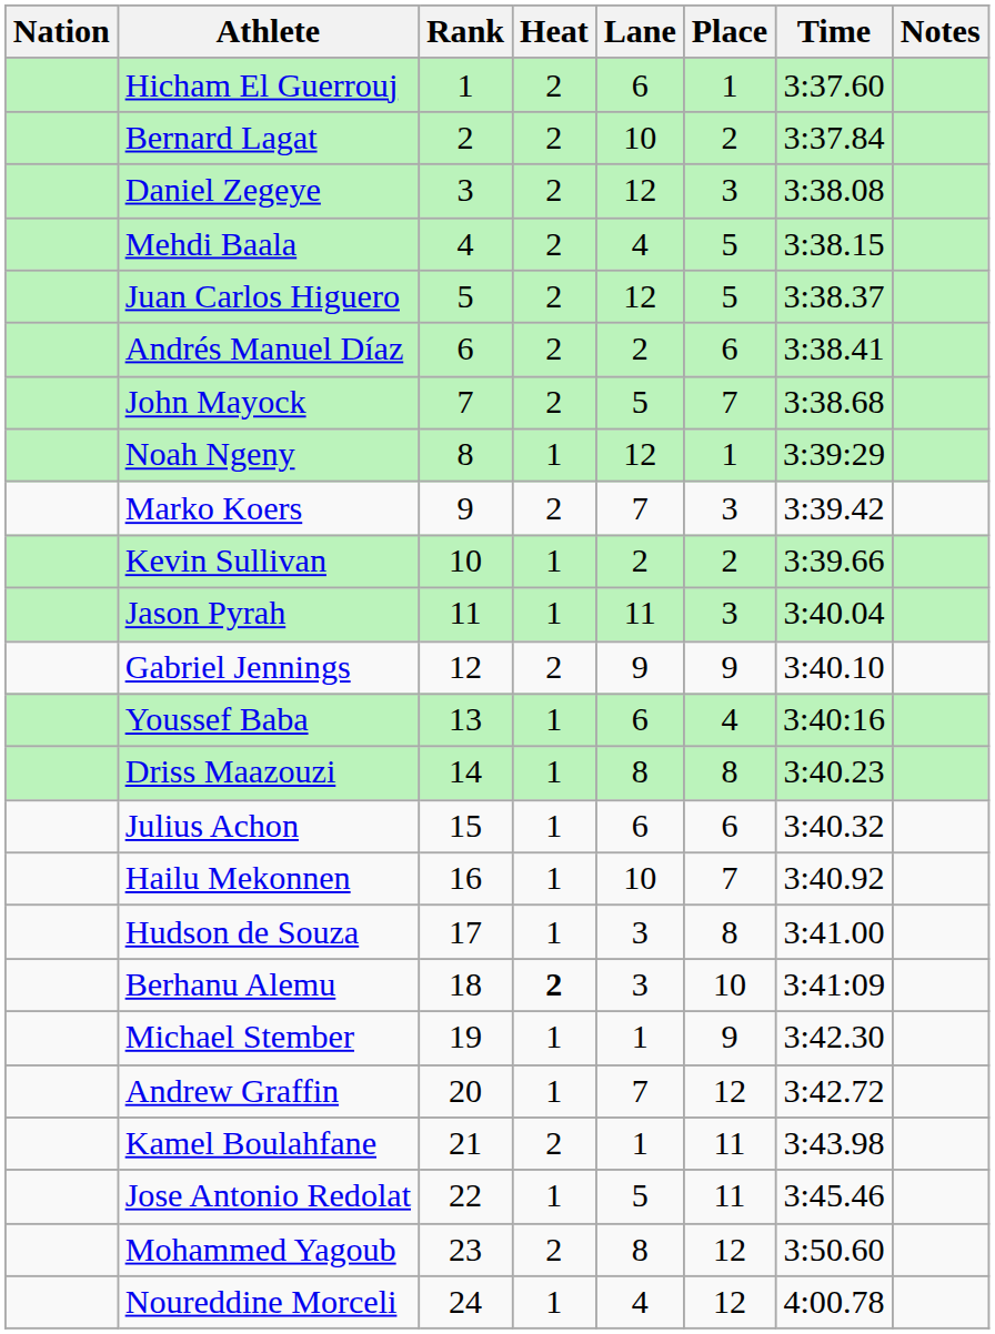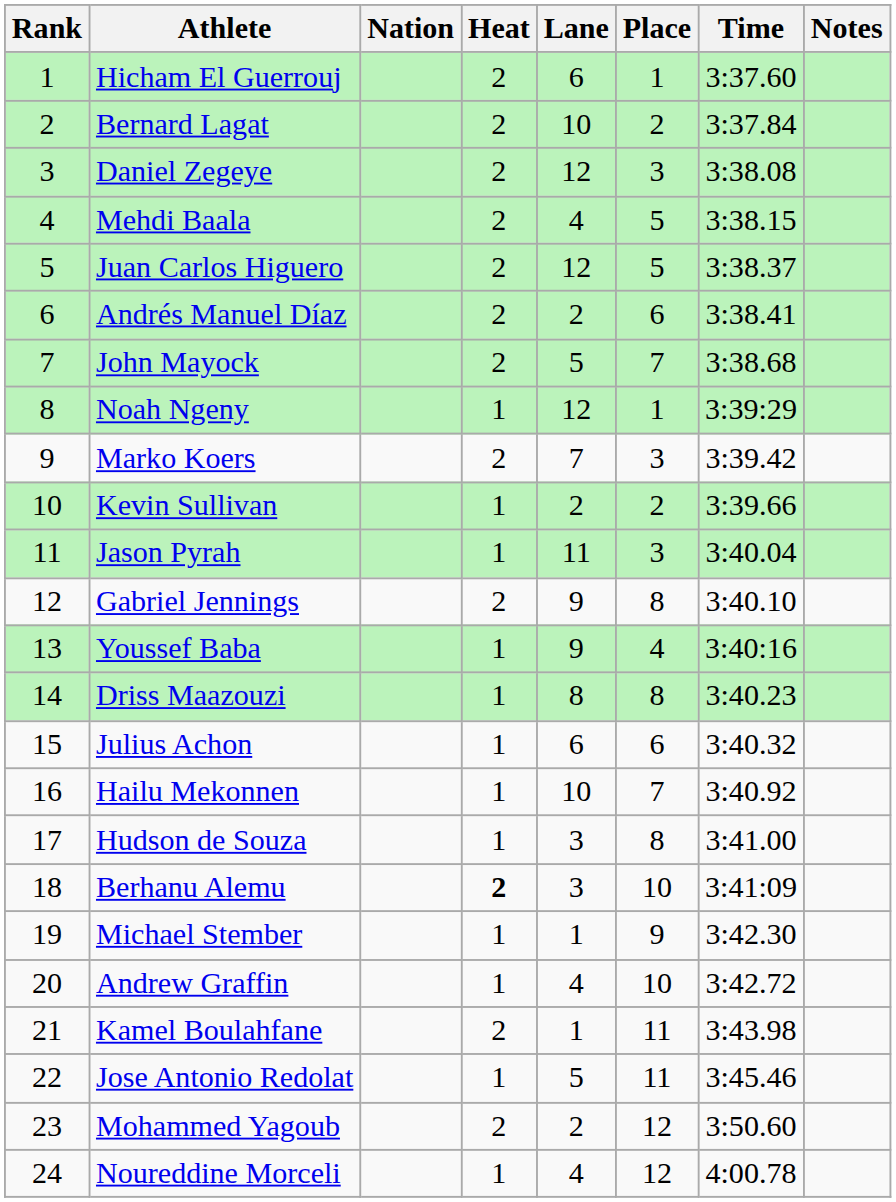 <table class="wikitable sortable" style="text-align:center">
 <tr>
+<th>Rank</th>
+<th>Athlete</th>
 <th>Nation</th>
-<th>Athlete</th>
-<th>Rank</th>
 <th>Heat</th>
 <th>Lane</th>
 <th>Place</th>
 <th>Time</th>
 <th>Notes</th>
 </tr>
 <tr bgcolor = "bbf3bb">
+<td>1</td>
+<td align="left"><a href='#'>Hicham El Guerrouj</a></td>
 <td align="left"></td>
-<td align="left"><a href='#'>Hicham El Guerrouj</a></td>
-<td>1</td>
 <td>2</td>
 <td>6</td>
 <td>1</td>
 <td>3:37.60</td>
 <td></td>
 </tr>
 <tr bgcolor = "bbf3bb">
+<td>2</td>
+<td align="left"><a href='#'>Bernard Lagat</a></td>
 <td align="left"></td>
-<td align="left"><a href='#'>Bernard Lagat</a></td>
-<td>2</td>
 <td>2</td>
 <td>10</td>
 <td>2</td>
 <td>3:37.84</td>
 <td></td>
 </tr>
 <tr bgcolor = "bbf3bb">
+<td>3</td>
+<td align="left"><a href='#'>Daniel Zegeye</a></td>
 <td align="left"></td>
-<td align="left"><a href='#'>Daniel Zegeye</a></td>
-<td>3</td>
 <td>2</td>
 <td>12</td>
 <td>3</td>
 <td>3:38.08</td>
 <td></td>
 </tr>
 <tr bgcolor = "bbf3bb">
+<td>4</td>
+<td align="left"><a href='#'>Mehdi Baala</a></td>
 <td align="left"></td>
-<td align="left"><a href='#'>Mehdi Baala</a></td>
-<td>4</td>
 <td>2</td>
 <td>4</td>
 <td>5</td>
 <td>3:38.15</td>
 <td></td>
 </tr>
 <tr bgcolor = "bbf3bb">
+<td>5</td>
+<td align="left"><a href='#'>Juan Carlos Higuero</a></td>
 <td align="left"></td>
-<td align="left"><a href='#'>Juan Carlos Higuero</a></td>
-<td>5</td>
 <td>2</td>
 <td>12</td>
 <td>5</td>
 <td>3:38.37</td>
 <td></td>
 </tr>
 <tr bgcolor = "bbf3bb">
+<td>6</td>
+<td align="left"><a href='#'>Andrés Manuel Díaz</a></td>
 <td align="left"></td>
-<td align="left"><a href='#'>Andrés Manuel Díaz</a></td>
-<td>6</td>
 <td>2</td>
 <td>2</td>
 <td>6</td>
 <td>3:38.41</td>
 <td></td>
 </tr>
 <tr bgcolor = "bbf3bb">
+<td>7</td>
+<td align="left"><a href='#'>John Mayock</a></td>
 <td align="left"></td>
-<td align="left"><a href='#'>John Mayock</a></td>
-<td>7</td>
 <td>2</td>
 <td>5</td>
 <td>7</td>
 <td>3:38.68</td>
 <td></td>
 </tr>
 <tr bgcolor = "bbf3bb">
+<td>8</td>
+<td align="left"><a href='#'>Noah Ngeny</a></td>
 <td align="left"></td>
-<td align="left"><a href='#'>Noah Ngeny</a></td>
-<td>8</td>
 <td>1</td>
 <td>12</td>
 <td>1</td>
 <td>3:39:29</td>
 <td></td>
 </tr>
 <tr>
+<td>9</td>
+<td align="left"><a href='#'>Marko Koers</a></td>
 <td align="left"></td>
-<td align="left"><a href='#'>Marko Koers</a></td>
-<td>9</td>
 <td>2</td>
 <td>7</td>
 <td>3</td>
 <td>3:39.42</td>
 <td></td>
 </tr>
 <tr bgcolor = "bbf3bb">
+<td>10</td>
+<td align="left"><a href='#'>Kevin Sullivan</a></td>
 <td align="left"></td>
-<td align="left"><a href='#'>Kevin Sullivan</a></td>
-<td>10</td>
 <td>1</td>
 <td>2</td>
 <td>2</td>
 <td>3:39.66</td>
 <td></td>
 </tr>
 <tr bgcolor = "bbf3bb">
+<td>11</td>
+<td align="left"><a href='#'>Jason Pyrah</a></td>
 <td align="left"></td>
-<td align="left"><a href='#'>Jason Pyrah</a></td>
-<td>11</td>
 <td>1</td>
 <td>11</td>
 <td>3</td>
 <td>3:40.04</td>
 <td></td>
 </tr>
 <tr>
+<td>12</td>
+<td align="left"><a href='#'>Gabriel Jennings</a></td>
 <td align="left"></td>
-<td align="left"><a href='#'>Gabriel Jennings</a></td>
-<td>12</td>
 <td>2</td>
 <td>9</td>
-<td>9</td>
+<td>8</td>
 <td>3:40.10</td>
 <td></td>
 </tr>
 <tr bgcolor = "bbf3bb">
+<td>13</td>
+<td align="left"><a href='#'>Youssef Baba</a></td>
 <td align="left"></td>
-<td align="left"><a href='#'>Youssef Baba</a></td>
-<td>13</td>
 <td>1</td>
-<td>6</td>
+<td>9</td>
 <td>4</td>
 <td>3:40:16</td>
 <td></td>
 </tr>
 <tr bgcolor = "bbf3bb">
+<td>14</td>
+<td align="left"><a href='#'>Driss Maazouzi</a></td>
 <td align="left"></td>
-<td align="left"><a href='#'>Driss Maazouzi</a></td>
-<td>14</td>
 <td>1</td>
 <td>8</td>
 <td>8</td>
 <td>3:40.23</td>
 <td></td>
 </tr>
 <tr>
+<td>15</td>
+<td align="left"><a href='#'>Julius Achon</a></td>
 <td align="left"></td>
-<td align="left"><a href='#'>Julius Achon</a></td>
-<td>15</td>
 <td>1</td>
 <td>6</td>
 <td>6</td>
 <td>3:40.32</td>
 <td></td>
 </tr>
 <tr>
+<td>16</td>
+<td align="left"><a href='#'>Hailu Mekonnen</a></td>
 <td align="left"></td>
-<td align="left"><a href='#'>Hailu Mekonnen</a></td>
-<td>16</td>
 <td>1</td>
 <td>10</td>
 <td>7</td>
 <td>3:40.92</td>
 <td></td>
 </tr>
 <tr>
+<td>17</td>
+<td align="left"><a href='#'>Hudson de Souza</a></td>
 <td align="left"></td>
-<td align="left"><a href='#'>Hudson de Souza</a></td>
-<td>17</td>
 <td>1</td>
 <td>3</td>
 <td>8</td>
 <td>3:41.00</td>
 <td></td>
 </tr>
 <tr>
+<td>18</td>
+<td align="left"><a href='#'>Berhanu Alemu</a></td>
 <td align="left"></td>
-<td align="left"><a href='#'>Berhanu Alemu</a></td>
-<td>18</td>
 <td><strong>2</strong></td>
 <td>3</td>
 <td>10</td>
 <td>3:41:09</td>
 <td></td>
 </tr>
 <tr>
+<td>19</td>
+<td align="left"><a href='#'>Michael Stember</a></td>
 <td align="left"></td>
-<td align="left"><a href='#'>Michael Stember</a></td>
-<td>19</td>
 <td>1</td>
 <td>1</td>
 <td>9</td>
 <td>3:42.30</td>
 <td></td>
 </tr>
 <tr>
+<td>20</td>
+<td align="left"><a href='#'>Andrew Graffin</a></td>
 <td align="left"></td>
-<td align="left"><a href='#'>Andrew Graffin</a></td>
-<td>20</td>
 <td>1</td>
-<td>7</td>
-<td>12</td>
+<td>4</td>
+<td>10</td>
 <td>3:42.72</td>
 <td></td>
 </tr>
 <tr>
+<td>21</td>
+<td align="left"><a href='#'>Kamel Boulahfane</a></td>
 <td align="left"></td>
-<td align="left"><a href='#'>Kamel Boulahfane</a></td>
-<td>21</td>
 <td>2</td>
 <td>1</td>
 <td>11</td>
 <td>3:43.98</td>
 <td></td>
 </tr>
 <tr>
+<td>22</td>
+<td align="left"><a href='#'>Jose Antonio Redolat</a></td>
 <td align="left"></td>
-<td align="left"><a href='#'>Jose Antonio Redolat</a></td>
-<td>22</td>
 <td>1</td>
 <td>5</td>
 <td>11</td>
 <td>3:45.46</td>
 <td></td>
 </tr>
 <tr>
+<td>23</td>
+<td align="left"><a href='#'>Mohammed Yagoub</a></td>
 <td align="left"></td>
-<td align="left"><a href='#'>Mohammed Yagoub</a></td>
-<td>23</td>
 <td>2</td>
-<td>8</td>
+<td>2</td>
 <td>12</td>
 <td>3:50.60</td>
 <td></td>
 </tr>
 <tr>
+<td>24</td>
+<td align="left"><a href='#'>Noureddine Morceli</a></td>
 <td align="left"></td>
-<td align="left"><a href='#'>Noureddine Morceli</a></td>
-<td>24</td>
 <td>1</td>
 <td>4</td>
 <td>12</td>
 <td>4:00.78</td>
 <td></td>
 </tr>
 </table>
